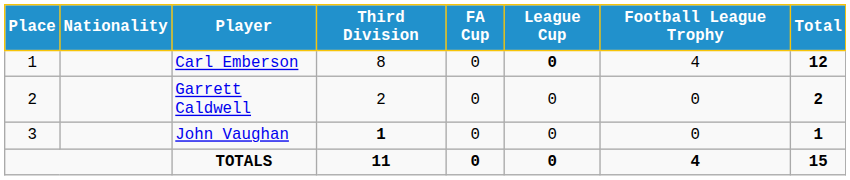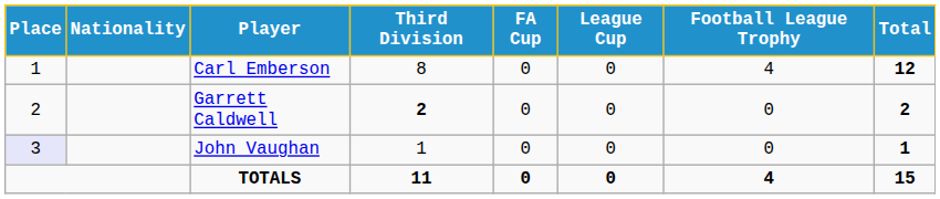 <table class="wikitable" style="text-align:center; font-size:90%; width:100%;">
 <tr>
 <th style="background:#2191CC; color:white; border:1px solid #F7C408; text-align:center;">Place</th>
 <th style="background:#2191CC; color:white; border:1px solid #F7C408; text-align:center;">Nationality</th>
 <th style="background:#2191CC; color:white; border:1px solid #F7C408; text-align:center;">Player</th>
 <th style="background:#2191CC; color:white; border:1px solid #F7C408; text-align:center;">Third Division</th>
 <th style="background:#2191CC; color:white; border:1px solid #F7C408; text-align:center;">FA Cup</th>
 <th style="background:#2191CC; color:white; border:1px solid #F7C408; text-align:center;">League Cup</th>
 <th style="background:#2191CC; color:white; border:1px solid #F7C408; text-align:center;">Football League Trophy</th>
 <th style="background:#2191CC; color:white; border:1px solid #F7C408; text-align:center;">Total</th>
 </tr>
 <tr>
 <td>1</td>
 <td></td>
 <td align="left"><a href='#'>Carl Emberson</a></td>
 <td>8</td>
 <td>0</td>
-<td><strong>0</strong></td>
+<td>0</td>
 <td>4</td>
 <td><strong>12</strong></td>
 </tr>
 <tr>
 <td>2</td>
 <td></td>
 <td align="left"><a href='#'>Garrett Caldwell</a></td>
-<td>2</td>
+<td><strong>2</strong></td>
 <td>0</td>
 <td>0</td>
 <td>0</td>
 <td><strong>2</strong></td>
 </tr>
 <tr>
-<td>3</td>
+<td style="background: lavender;">3</td>
 <td></td>
 <td align="left"><a href='#'>John Vaughan</a></td>
-<td><strong>1</strong></td>
+<td>1</td>
 <td>0</td>
 <td>0</td>
 <td>0</td>
 <td><strong>1</strong></td>
 </tr>
 <tr>
 <td colspan="2"></td>
 <td><strong>TOTALS</strong></td>
 <td><strong>11</strong></td>
 <td><strong>0</strong></td>
 <td><strong>0</strong></td>
 <td><strong>4</strong></td>
 <td><strong>15</strong></td>
 </tr>
 </table>
